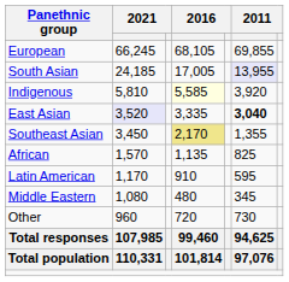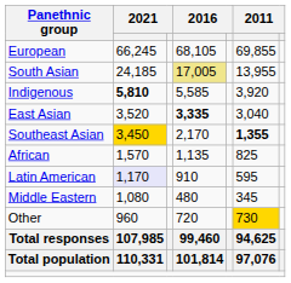 <table class="wikitable collapsible sortable">
 <tr>
 <th rowspan="2"><a href='#'>Panethnic</a><br>group</th>
 <th colspan="2">2021</th>
 <th colspan="2">2016</th>
 <th colspan="2">2011</th>
 </tr>
 <tr>
 <th><a href='#'></a></th>
 <th></th>
 <th></th>
 <th></th>
 <th></th>
 <th></th>
 </tr>
 <tr>
 <td><a href='#'>European</a></td>
 <td>66,245</td>
 <td></td>
 <td>68,105</td>
 <td></td>
 <td>69,855</td>
 <td></td>
 </tr>
 <tr>
 <td><a href='#'>South Asian</a></td>
 <td>24,185</td>
 <td></td>
-<td>17,005</td>
+<td style="background: khaki;">17,005</td>
 <td></td>
-<td style="background: lavender;">13,955</td>
+<td>13,955</td>
 <td></td>
 </tr>
 <tr>
 <td><a href='#'>Indigenous</a></td>
-<td>5,810</td>
+<td><strong>5,810</strong></td>
 <td></td>
-<td style="background: lightyellow;">5,585</td>
+<td>5,585</td>
 <td></td>
 <td>3,920</td>
 <td></td>
 </tr>
 <tr>
 <td><a href='#'>East Asian</a></td>
-<td style="background: lavender;">3,520</td>
+<td>3,520</td>
 <td></td>
-<td>3,335</td>
+<td><strong>3,335</strong></td>
 <td></td>
-<td><strong>3,040</strong></td>
+<td>3,040</td>
 <td></td>
 </tr>
 <tr>
 <td><a href='#'>Southeast Asian</a></td>
-<td>3,450</td>
+<td style="background: gold;">3,450</td>
 <td></td>
-<td style="background: khaki;">2,170</td>
+<td>2,170</td>
 <td></td>
-<td>1,355</td>
+<td><strong>1,355</strong></td>
 <td></td>
 </tr>
 <tr>
 <td><a href='#'>African</a></td>
 <td>1,570</td>
 <td></td>
 <td>1,135</td>
 <td></td>
 <td>825</td>
 <td></td>
 </tr>
 <tr>
 <td><a href='#'>Latin American</a></td>
-<td>1,170</td>
+<td style="background: lavender;">1,170</td>
 <td></td>
 <td>910</td>
 <td></td>
 <td>595</td>
 <td></td>
 </tr>
 <tr>
 <td><a href='#'>Middle Eastern</a></td>
 <td>1,080</td>
 <td></td>
 <td>480</td>
 <td></td>
 <td>345</td>
 <td></td>
 </tr>
 <tr>
 <td>Other</td>
 <td>960</td>
 <td></td>
 <td>720</td>
 <td></td>
-<td>730</td>
+<td style="background: gold;">730</td>
 <td></td>
 </tr>
 <tr>
 <th>Total responses</th>
 <th>107,985</th>
 <th></th>
 <th>99,460</th>
 <th></th>
 <th>94,625</th>
 <th></th>
 </tr>
 <tr>
 <th>Total population</th>
 <th>110,331</th>
 <th></th>
 <th>101,814</th>
 <th></th>
 <th>97,076</th>
 <th></th>
 </tr>
 <tr class="sortbottom">
 <td colspan="15"></td>
 </tr>
 </table>
